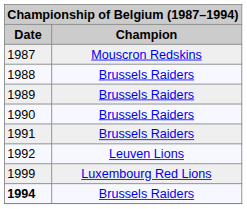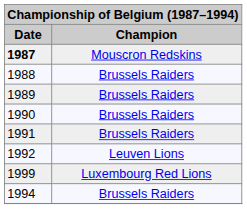 <table bgcolor="#f7f8ff" cellpadding="3" cellspacing="0" border="1" style="font-size: 95%; border: gray solid 1px; border-collapse: collapse">
 <tr bgcolor="#CCCCCC">
 <th colspan=5><strong>Championship of Belgium (1987–1994)</strong></th>
 </tr>
 <tr bgcolor="#CCCCCC">
 <th>Date</th>
 <th colspan=4>Champion</th>
 </tr>
 <tr bgcolor="#EFEFEF">
-<td>1987</td>
+<td><strong>1987</strong></td>
 <td colspan=4 align=center><a href='#'>Mouscron Redskins</a></td>
 </tr>
 <tr>
 <td>1988</td>
 <td colspan=4 align=center><a href='#'>Brussels Raiders</a></td>
 </tr>
 <tr bgcolor="#EFEFEF">
 <td>1989</td>
 <td colspan=4 align=center><a href='#'>Brussels Raiders</a></td>
 </tr>
 <tr>
 <td>1990</td>
 <td colspan=4 align=center><a href='#'>Brussels Raiders</a></td>
 </tr>
 <tr bgcolor="#EFEFEF">
 <td>1991</td>
 <td colspan=4 align=center><a href='#'>Brussels Raiders</a></td>
 </tr>
 <tr>
 <td>1992</td>
 <td colspan=4 align=center><a href='#'>Leuven Lions</a></td>
 </tr>
 <tr bgcolor="#EFEFEF">
 <td>1999</td>
 <td colspan=4 align=center><a href='#'>Luxembourg Red Lions</a></td>
 </tr>
 <tr>
-<td><strong>1994</strong></td>
+<td>1994</td>
 <td colspan=4 align=center><a href='#'>Brussels Raiders</a></td>
 </tr>
 <tr>
 </tr>
 </table>
